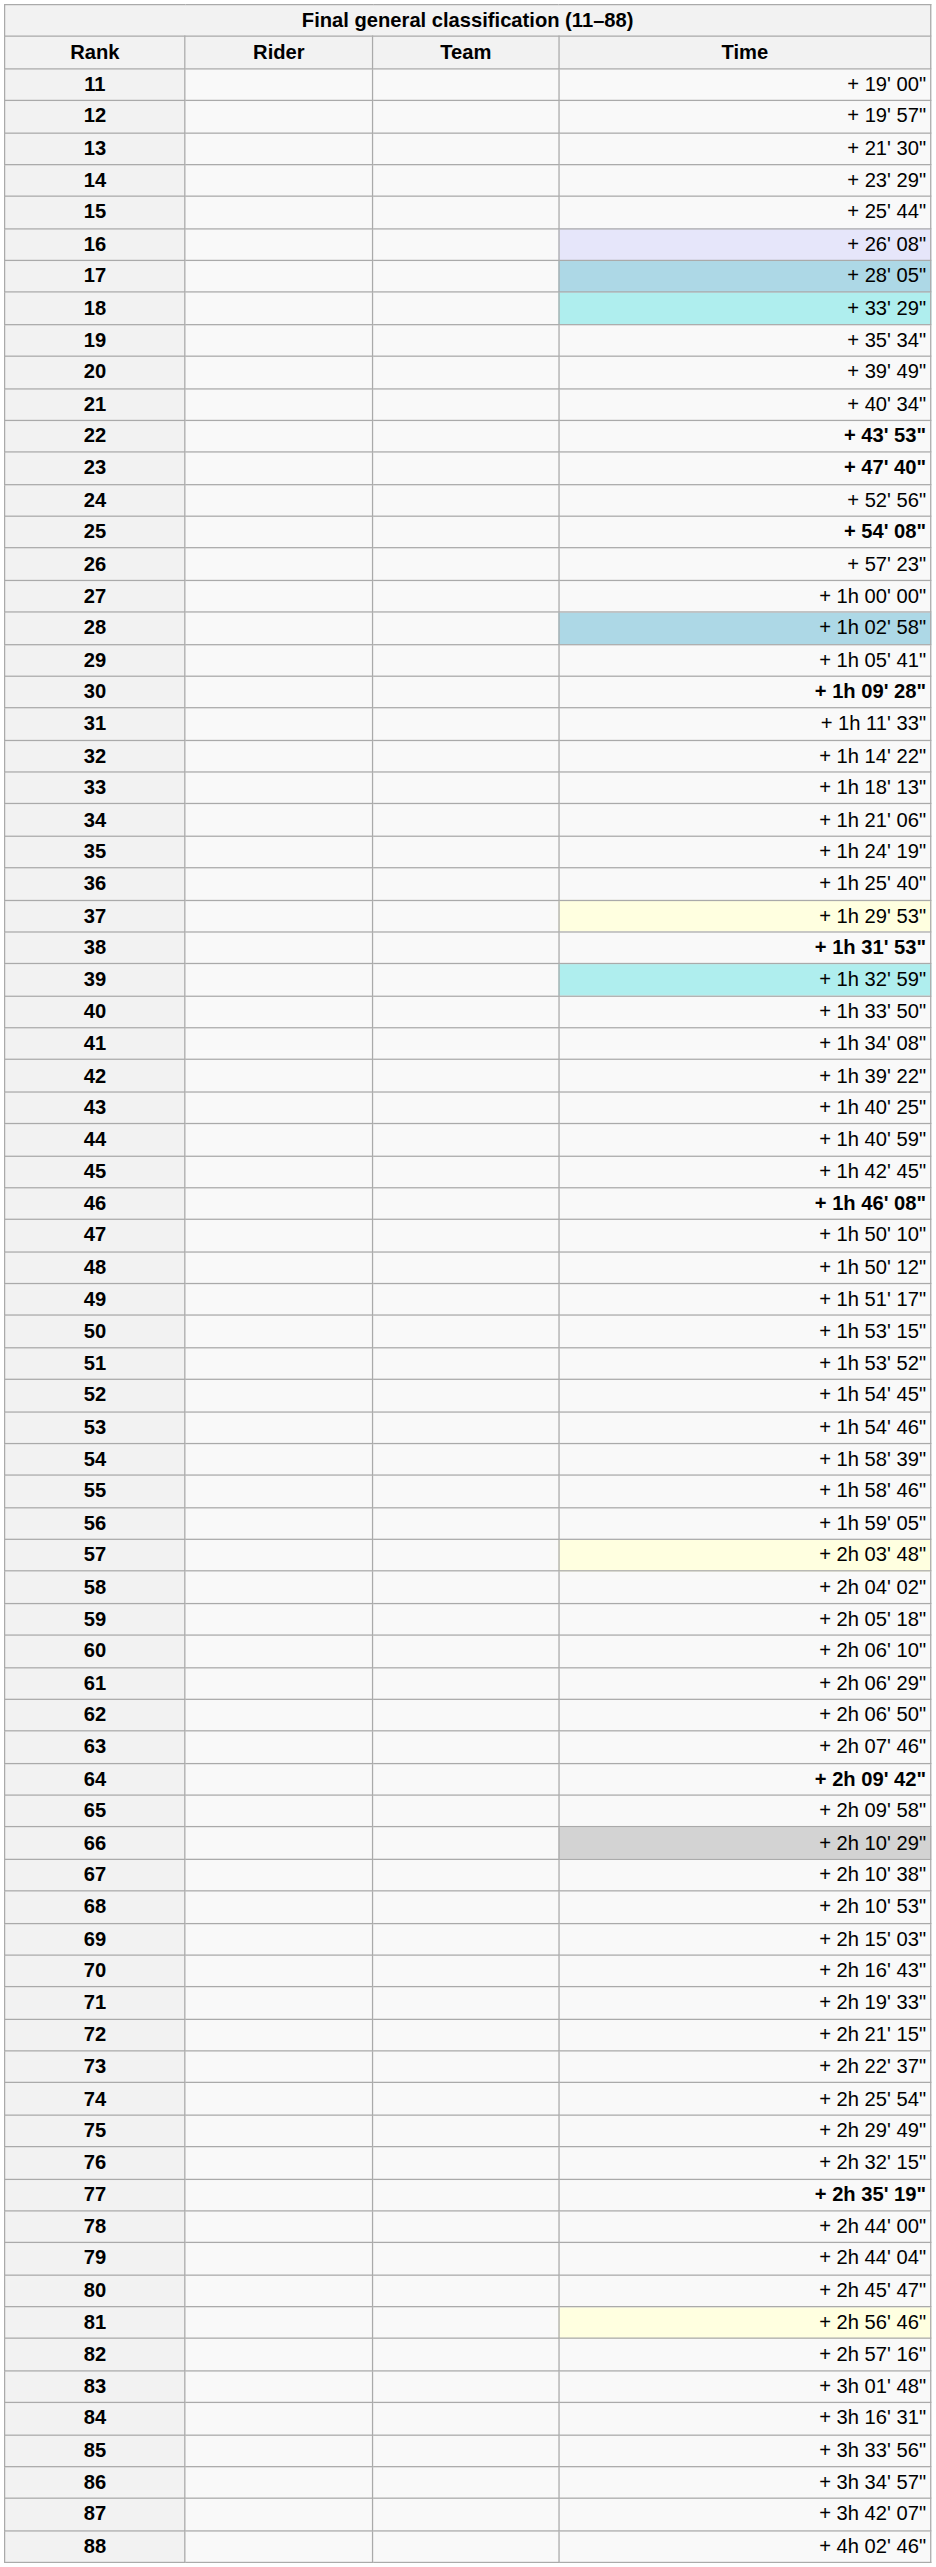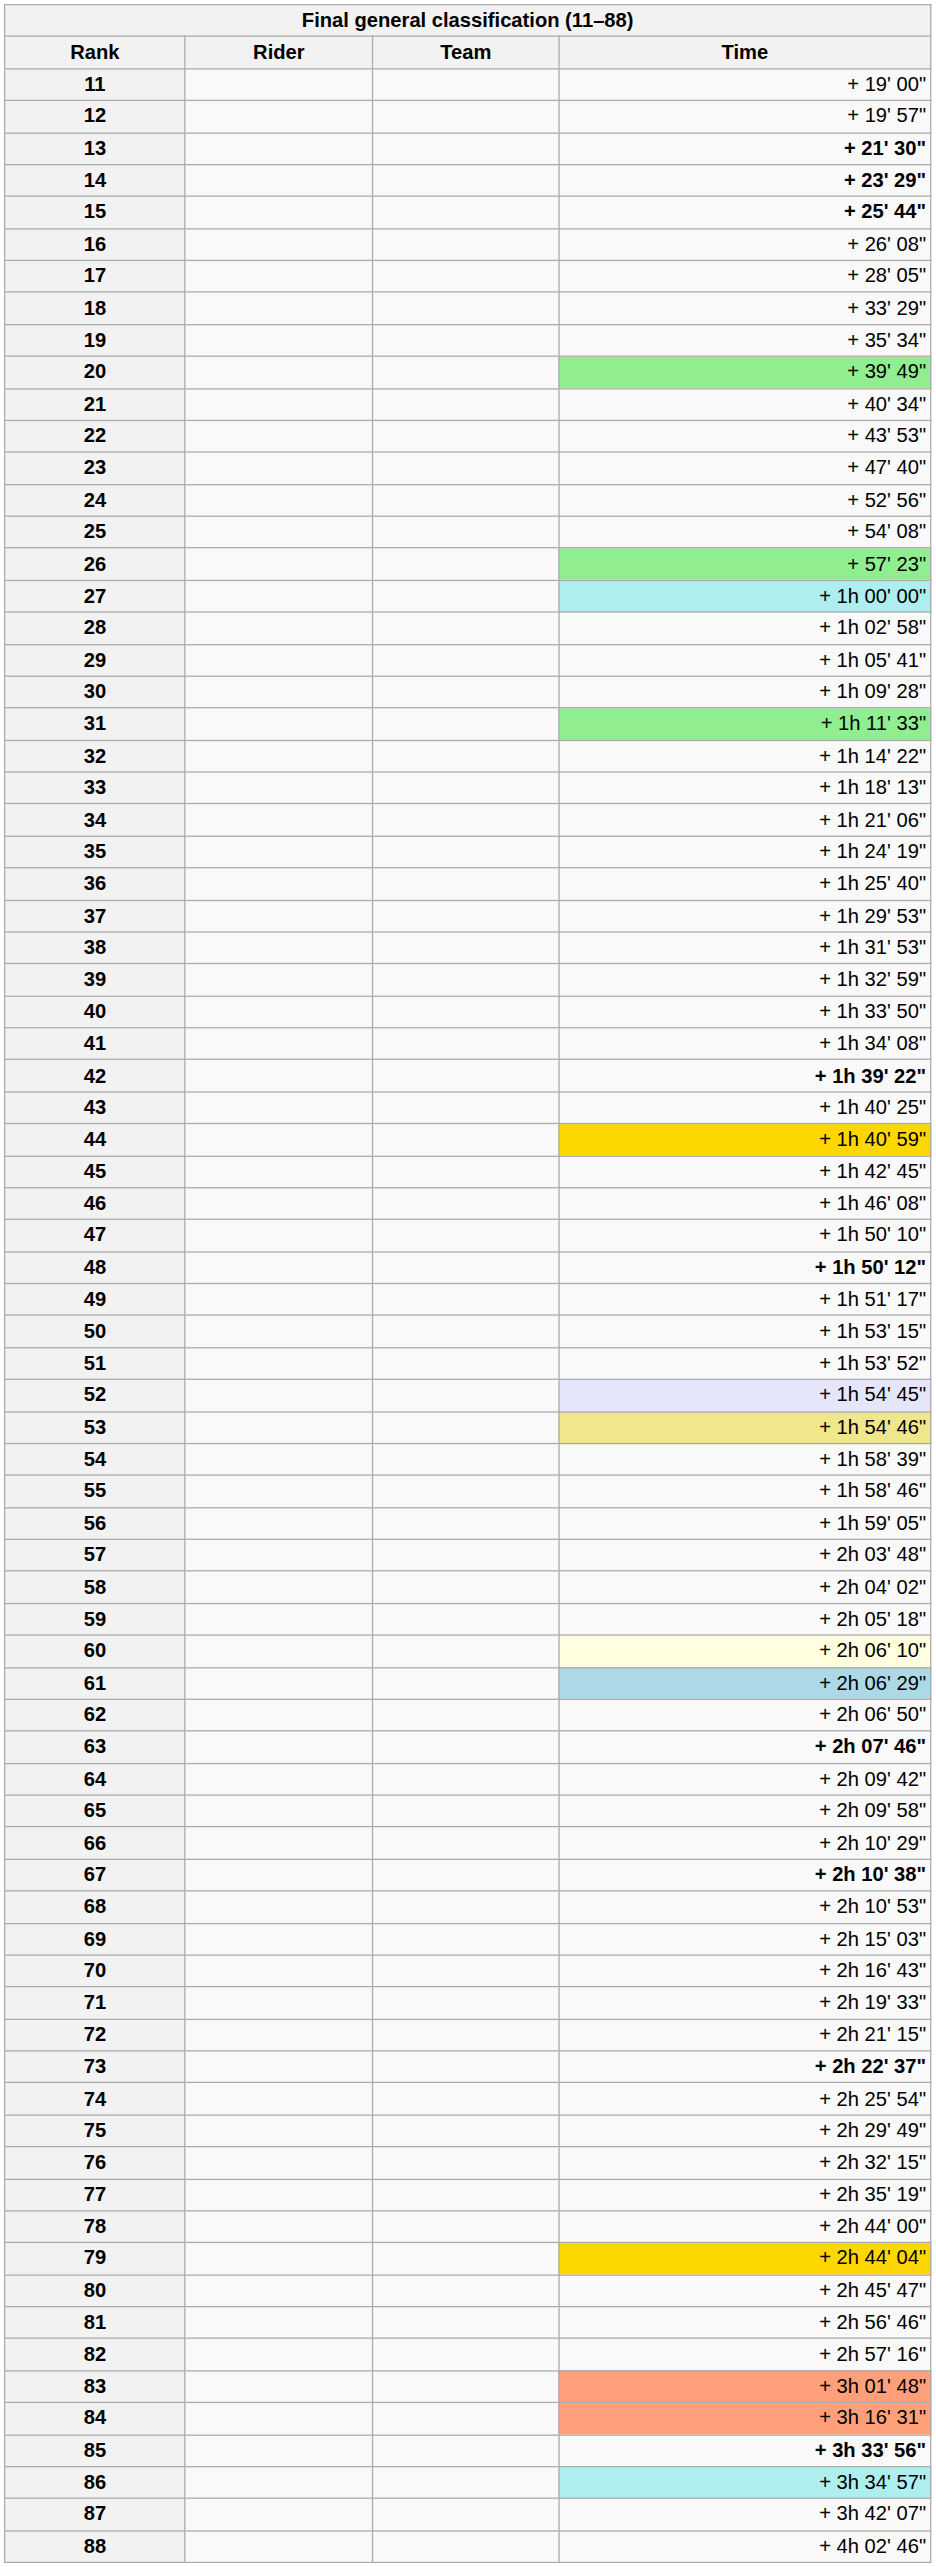 <table class="collapsible collapsed wikitable" style="width:46em;margin-top:-1px;">
 <tr>
 <th scope="col" colspan="4">Final general classification (11–88)</th>
 </tr>
 <tr>
 <th scope="col">Rank</th>
 <th scope="col">Rider</th>
 <th scope="col">Team</th>
 <th scope="col">Time</th>
 </tr>
 <tr |->
 <th scope="row">11</th>
 <td></td>
 <td></td>
 <td style="text-align:right;">+ 19' 00"</td>
 </tr>
 <tr>
 <th scope="row">12</th>
 <td></td>
 <td></td>
 <td style="text-align:right;">+ 19' 57"</td>
 </tr>
 <tr>
 <th scope="row">13</th>
 <td></td>
 <td></td>
-<td style="text-align:right;">+ 21' 30"</td>
+<td style="text-align:right;"><strong>+ 21' 30"</strong></td>
 </tr>
 <tr>
 <th scope="row">14</th>
 <td></td>
 <td></td>
-<td style="text-align:right;">+ 23' 29"</td>
+<td style="text-align:right;"><strong>+ 23' 29"</strong></td>
 </tr>
 <tr>
 <th scope="row">15</th>
 <td></td>
 <td></td>
-<td style="text-align:right;">+ 25' 44"</td>
+<td style="text-align:right;"><strong>+ 25' 44"</strong></td>
 </tr>
 <tr>
 <th scope="row">16</th>
 <td></td>
 <td></td>
-<td style="background: lavender; text-align:right;">+ 26' 08"</td>
+<td style="text-align:right;">+ 26' 08"</td>
 </tr>
 <tr>
 <th scope="row">17</th>
 <td></td>
 <td></td>
-<td style="background: lightblue; text-align:right;">+ 28' 05"</td>
+<td style="text-align:right;">+ 28' 05"</td>
 </tr>
 <tr>
 <th scope="row">18</th>
 <td></td>
 <td></td>
-<td style="background: paleturquoise; text-align:right;">+ 33' 29"</td>
+<td style="text-align:right;">+ 33' 29"</td>
 </tr>
 <tr>
 <th scope="row">19</th>
 <td></td>
 <td></td>
 <td style="text-align:right;">+ 35' 34"</td>
 </tr>
 <tr>
 <th scope="row">20</th>
 <td></td>
 <td></td>
-<td style="text-align:right;">+ 39' 49"</td>
+<td style="background: lightgreen; text-align:right;">+ 39' 49"</td>
 </tr>
 <tr>
 <th scope="row">21</th>
 <td></td>
 <td></td>
 <td style="text-align:right;">+ 40' 34"</td>
 </tr>
 <tr>
 <th scope="row">22</th>
 <td></td>
 <td></td>
-<td style="text-align:right;"><strong>+ 43' 53"</strong></td>
+<td style="text-align:right;">+ 43' 53"</td>
 </tr>
 <tr>
 <th scope="row">23</th>
 <td></td>
 <td></td>
-<td style="text-align:right;"><strong>+ 47' 40"</strong></td>
+<td style="text-align:right;">+ 47' 40"</td>
 </tr>
 <tr>
 <th scope="row">24</th>
 <td></td>
 <td></td>
 <td style="text-align:right;">+ 52' 56"</td>
 </tr>
 <tr>
 <th scope="row">25</th>
 <td></td>
 <td></td>
-<td style="text-align:right;"><strong>+ 54' 08"</strong></td>
+<td style="text-align:right;">+ 54' 08"</td>
 </tr>
 <tr>
 <th scope="row">26</th>
 <td></td>
 <td></td>
-<td style="text-align:right;">+ 57' 23"</td>
+<td style="background: lightgreen; text-align:right;">+ 57' 23"</td>
 </tr>
 <tr>
 <th scope="row">27</th>
 <td></td>
 <td></td>
-<td style="text-align:right;">+ 1h 00' 00"</td>
+<td style="background: paleturquoise; text-align:right;">+ 1h 00' 00"</td>
 </tr>
 <tr>
 <th scope="row">28</th>
 <td></td>
 <td></td>
-<td style="background: lightblue; text-align:right;">+ 1h 02' 58"</td>
+<td style="text-align:right;">+ 1h 02' 58"</td>
 </tr>
 <tr>
 <th scope="row">29</th>
 <td></td>
 <td></td>
 <td style="text-align:right;">+ 1h 05' 41"</td>
 </tr>
 <tr>
 <th scope="row">30</th>
 <td></td>
 <td></td>
-<td style="text-align:right;"><strong>+ 1h 09' 28"</strong></td>
+<td style="text-align:right;">+ 1h 09' 28"</td>
 </tr>
 <tr>
 <th scope="row">31</th>
 <td></td>
 <td></td>
-<td style="text-align:right;">+ 1h 11' 33"</td>
+<td style="background: lightgreen; text-align:right;">+ 1h 11' 33"</td>
 </tr>
 <tr>
 <th scope="row">32</th>
 <td></td>
 <td></td>
 <td style="text-align:right;">+ 1h 14' 22"</td>
 </tr>
 <tr>
 <th scope="row">33</th>
 <td></td>
 <td></td>
 <td style="text-align:right;">+ 1h 18' 13"</td>
 </tr>
 <tr>
 <th scope="row">34</th>
 <td></td>
 <td></td>
 <td style="text-align:right;">+ 1h 21' 06"</td>
 </tr>
 <tr>
 <th scope="row">35</th>
 <td></td>
 <td></td>
 <td style="text-align:right;">+ 1h 24' 19"</td>
 </tr>
 <tr>
 <th scope="row">36</th>
 <td></td>
 <td></td>
 <td style="text-align:right;">+ 1h 25' 40"</td>
 </tr>
 <tr>
 <th scope="row">37</th>
 <td></td>
 <td></td>
-<td style="background: lightyellow; text-align:right;">+ 1h 29' 53"</td>
+<td style="text-align:right;">+ 1h 29' 53"</td>
 </tr>
 <tr>
 <th scope="row">38</th>
 <td></td>
 <td></td>
-<td style="text-align:right;"><strong>+ 1h 31' 53"</strong></td>
+<td style="text-align:right;">+ 1h 31' 53"</td>
 </tr>
 <tr>
 <th scope="row">39</th>
 <td></td>
 <td></td>
-<td style="background: paleturquoise; text-align:right;">+ 1h 32' 59"</td>
+<td style="text-align:right;">+ 1h 32' 59"</td>
 </tr>
 <tr>
 <th scope="row">40</th>
 <td></td>
 <td></td>
 <td style="text-align:right;">+ 1h 33' 50"</td>
 </tr>
 <tr>
 <th scope="row">41</th>
 <td></td>
 <td></td>
 <td style="text-align:right;">+ 1h 34' 08"</td>
 </tr>
 <tr>
 <th scope="row">42</th>
 <td></td>
 <td></td>
-<td style="text-align:right;">+ 1h 39' 22"</td>
+<td style="text-align:right;"><strong>+ 1h 39' 22"</strong></td>
 </tr>
 <tr>
 <th scope="row">43</th>
 <td></td>
 <td></td>
 <td style="text-align:right;">+ 1h 40' 25"</td>
 </tr>
 <tr>
 <th scope="row">44</th>
 <td></td>
 <td></td>
-<td style="text-align:right;">+ 1h 40' 59"</td>
+<td style="background: gold; text-align:right;">+ 1h 40' 59"</td>
 </tr>
 <tr>
 <th scope="row">45</th>
 <td></td>
 <td></td>
 <td style="text-align:right;">+ 1h 42' 45"</td>
 </tr>
 <tr>
 <th scope="row">46</th>
 <td></td>
 <td></td>
-<td style="text-align:right;"><strong>+ 1h 46' 08"</strong></td>
+<td style="text-align:right;">+ 1h 46' 08"</td>
 </tr>
 <tr>
 <th scope="row">47</th>
 <td></td>
 <td></td>
 <td style="text-align:right;">+ 1h 50' 10"</td>
 </tr>
 <tr>
 <th scope="row">48</th>
 <td></td>
 <td></td>
-<td style="text-align:right;">+ 1h 50' 12"</td>
+<td style="text-align:right;"><strong>+ 1h 50' 12"</strong></td>
 </tr>
 <tr>
 <th scope="row">49</th>
 <td></td>
 <td></td>
 <td style="text-align:right;">+ 1h 51' 17"</td>
 </tr>
 <tr>
 <th scope="row">50</th>
 <td></td>
 <td></td>
 <td style="text-align:right;">+ 1h 53' 15"</td>
 </tr>
 <tr>
 <th scope="row">51</th>
 <td></td>
 <td></td>
 <td style="text-align:right;">+ 1h 53' 52"</td>
 </tr>
 <tr>
 <th scope="row">52</th>
 <td></td>
 <td></td>
-<td style="text-align:right;">+ 1h 54' 45"</td>
+<td style="background: lavender; text-align:right;">+ 1h 54' 45"</td>
 </tr>
 <tr>
 <th scope="row">53</th>
 <td></td>
 <td></td>
-<td style="text-align:right;">+ 1h 54' 46"</td>
+<td style="background: khaki; text-align:right;">+ 1h 54' 46"</td>
 </tr>
 <tr>
 <th scope="row">54</th>
 <td></td>
 <td></td>
 <td style="text-align:right;">+ 1h 58' 39"</td>
 </tr>
 <tr>
 <th scope="row">55</th>
 <td></td>
 <td></td>
 <td style="text-align:right;">+ 1h 58' 46"</td>
 </tr>
 <tr>
 <th scope="row">56</th>
 <td></td>
 <td></td>
 <td style="text-align:right;">+ 1h 59' 05"</td>
 </tr>
 <tr>
 <th scope="row">57</th>
 <td></td>
 <td></td>
-<td style="background: lightyellow; text-align:right;">+ 2h 03' 48"</td>
+<td style="text-align:right;">+ 2h 03' 48"</td>
 </tr>
 <tr>
 <th scope="row">58</th>
 <td></td>
 <td></td>
 <td style="text-align:right;">+ 2h 04' 02"</td>
 </tr>
 <tr>
 <th scope="row">59</th>
 <td></td>
 <td></td>
 <td style="text-align:right;">+ 2h 05' 18"</td>
 </tr>
 <tr>
 <th scope="row">60</th>
 <td></td>
 <td></td>
-<td style="text-align:right;">+ 2h 06' 10"</td>
+<td style="background: lightyellow; text-align:right;">+ 2h 06' 10"</td>
 </tr>
 <tr>
 <th scope="row">61</th>
 <td></td>
 <td></td>
-<td style="text-align:right;">+ 2h 06' 29"</td>
+<td style="background: lightblue; text-align:right;">+ 2h 06' 29"</td>
 </tr>
 <tr>
 <th scope="row">62</th>
 <td></td>
 <td></td>
 <td style="text-align:right;">+ 2h 06' 50"</td>
 </tr>
 <tr>
 <th scope="row">63</th>
 <td></td>
 <td></td>
-<td style="text-align:right;">+ 2h 07' 46"</td>
+<td style="text-align:right;"><strong>+ 2h 07' 46"</strong></td>
 </tr>
 <tr>
 <th scope="row">64</th>
 <td></td>
 <td></td>
-<td style="text-align:right;"><strong>+ 2h 09' 42"</strong></td>
+<td style="text-align:right;">+ 2h 09' 42"</td>
 </tr>
 <tr>
 <th scope="row">65</th>
 <td></td>
 <td></td>
 <td style="text-align:right;">+ 2h 09' 58"</td>
 </tr>
 <tr>
 <th scope="row">66</th>
 <td></td>
 <td></td>
-<td style="background: lightgrey; text-align:right;">+ 2h 10' 29"</td>
+<td style="text-align:right;">+ 2h 10' 29"</td>
 </tr>
 <tr>
 <th scope="row">67</th>
 <td></td>
 <td></td>
-<td style="text-align:right;">+ 2h 10' 38"</td>
+<td style="text-align:right;"><strong>+ 2h 10' 38"</strong></td>
 </tr>
 <tr>
 <th scope="row">68</th>
 <td></td>
 <td></td>
 <td style="text-align:right;">+ 2h 10' 53"</td>
 </tr>
 <tr>
 <th scope="row">69</th>
 <td></td>
 <td></td>
 <td style="text-align:right;">+ 2h 15' 03"</td>
 </tr>
 <tr>
 <th scope="row">70</th>
 <td></td>
 <td></td>
 <td style="text-align:right;">+ 2h 16' 43"</td>
 </tr>
 <tr>
 <th scope="row">71</th>
 <td></td>
 <td></td>
 <td style="text-align:right;">+ 2h 19' 33"</td>
 </tr>
 <tr>
 <th scope="row">72</th>
 <td></td>
 <td></td>
 <td style="text-align:right;">+ 2h 21' 15"</td>
 </tr>
 <tr>
 <th scope="row">73</th>
 <td></td>
 <td></td>
-<td style="text-align:right;">+ 2h 22' 37"</td>
+<td style="text-align:right;"><strong>+ 2h 22' 37"</strong></td>
 </tr>
 <tr>
 <th scope="row">74</th>
 <td></td>
 <td></td>
 <td style="text-align:right;">+ 2h 25' 54"</td>
 </tr>
 <tr>
 <th scope="row">75</th>
 <td></td>
 <td></td>
 <td style="text-align:right;">+ 2h 29' 49"</td>
 </tr>
 <tr>
 <th scope="row">76</th>
 <td></td>
 <td></td>
 <td style="text-align:right;">+ 2h 32' 15"</td>
 </tr>
 <tr>
 <th scope="row">77</th>
 <td></td>
 <td></td>
-<td style="text-align:right;"><strong>+ 2h 35' 19"</strong></td>
+<td style="text-align:right;">+ 2h 35' 19"</td>
 </tr>
 <tr>
 <th scope="row">78</th>
 <td></td>
 <td></td>
 <td style="text-align:right;">+ 2h 44' 00"</td>
 </tr>
 <tr>
 <th scope="row">79</th>
 <td></td>
 <td></td>
-<td style="text-align:right;">+ 2h 44' 04"</td>
+<td style="background: gold; text-align:right;">+ 2h 44' 04"</td>
 </tr>
 <tr>
 <th scope="row">80</th>
 <td></td>
 <td></td>
 <td style="text-align:right;">+ 2h 45' 47"</td>
 </tr>
 <tr>
 <th scope="row">81</th>
 <td></td>
 <td></td>
-<td style="background: lightyellow; text-align:right;">+ 2h 56' 46"</td>
+<td style="text-align:right;">+ 2h 56' 46"</td>
 </tr>
 <tr>
 <th scope="row">82</th>
 <td></td>
 <td></td>
 <td style="text-align:right;">+ 2h 57' 16"</td>
 </tr>
 <tr>
 <th scope="row">83</th>
 <td></td>
 <td></td>
-<td style="text-align:right;">+ 3h 01' 48"</td>
+<td style="background: lightsalmon; text-align:right;">+ 3h 01' 48"</td>
 </tr>
 <tr>
 <th scope="row">84</th>
 <td></td>
 <td></td>
-<td style="text-align:right;">+ 3h 16' 31"</td>
+<td style="background: lightsalmon; text-align:right;">+ 3h 16' 31"</td>
 </tr>
 <tr>
 <th scope="row">85</th>
 <td></td>
 <td></td>
-<td style="text-align:right;">+ 3h 33' 56"</td>
+<td style="text-align:right;"><strong>+ 3h 33' 56"</strong></td>
 </tr>
 <tr>
 <th scope="row">86</th>
 <td></td>
 <td></td>
-<td style="text-align:right;">+ 3h 34' 57"</td>
+<td style="background: paleturquoise; text-align:right;">+ 3h 34' 57"</td>
 </tr>
 <tr>
 <th scope="row">87</th>
 <td></td>
 <td></td>
 <td style="text-align:right;">+ 3h 42' 07"</td>
 </tr>
 <tr>
 <th scope="row">88</th>
 <td></td>
 <td></td>
 <td style="text-align:right;">+ 4h 02' 46"</td>
 </tr>
 </table>
